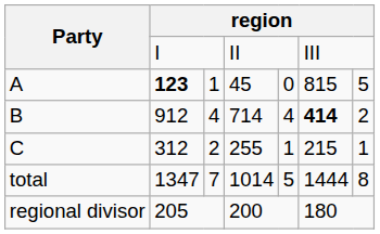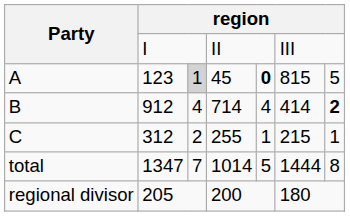 <table class="wikitable">
 <tr>
 <th rowspan="2">Party</th>
 <th colspan="6">region</th>
 </tr>
 <tr>
 <td colspan="2">I</td>
 <td colspan=2>II</td>
 <td colspan=2>III</td>
 </tr>
 <tr>
 <td>A</td>
-<td><strong>123</strong></td>
-<td>1</td>
+<td>123</td>
+<td style="background: lightgrey;">1</td>
 <td>45</td>
-<td>0</td>
+<td><strong>0</strong></td>
 <td>815</td>
 <td>5</td>
 </tr>
 <tr>
 <td>B</td>
 <td>912</td>
 <td>4</td>
 <td>714</td>
 <td>4</td>
-<td><strong>414</strong></td>
-<td>2</td>
+<td>414</td>
+<td><strong>2</strong></td>
 </tr>
 <tr>
 <td>C</td>
 <td>312</td>
 <td>2</td>
 <td>255</td>
 <td>1</td>
 <td>215</td>
 <td>1</td>
 </tr>
 <tr>
 <td>total</td>
 <td>1347</td>
 <td>7</td>
 <td>1014</td>
 <td>5</td>
 <td>1444</td>
 <td>8</td>
 </tr>
 <tr>
 <td>regional divisor</td>
 <td colspan=2>205</td>
 <td colspan=2>200</td>
 <td colspan=2>180</td>
 </tr>
 </table>
